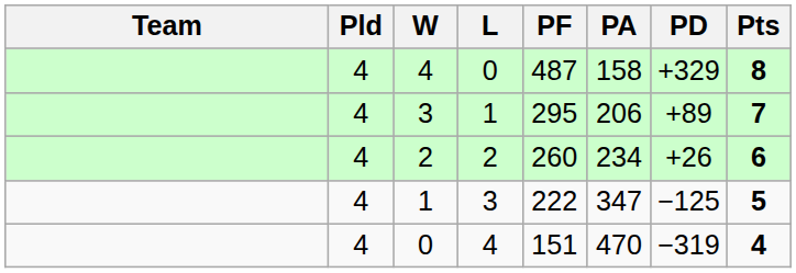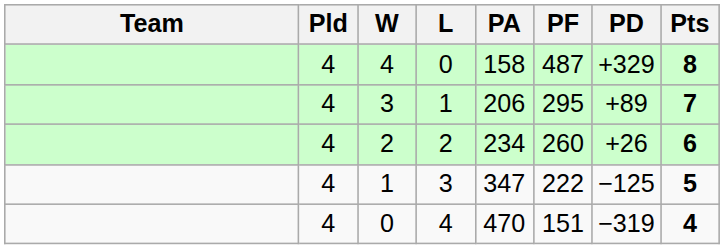 <table class=wikitable style="text-align:center">
 <tr>
 <th width=180>Team</th>
 <th width=30>Pld</th>
 <th width=30>W</th>
 <th width=30>L</th>
+<th width=30>PA</th>
 <th width=30>PF</th>
-<th width=30>PA</th>
 <th width=30>PD</th>
 <th width=30>Pts</th>
 </tr>
 <tr bgcolor="#ccffcc">
 <td align="left"></td>
 <td>4</td>
 <td>4</td>
 <td>0</td>
+<td>158</td>
 <td>487</td>
-<td>158</td>
 <td>+329</td>
 <td><strong>8</strong></td>
 </tr>
 <tr bgcolor="#ccffcc">
 <td align="left"></td>
 <td>4</td>
 <td>3</td>
 <td>1</td>
+<td>206</td>
 <td>295</td>
-<td>206</td>
 <td>+89</td>
 <td><strong>7</strong></td>
 </tr>
 <tr bgcolor="#ccffcc">
 <td align="left"></td>
 <td>4</td>
 <td>2</td>
 <td>2</td>
+<td>234</td>
 <td>260</td>
-<td>234</td>
 <td>+26</td>
 <td><strong>6</strong></td>
 </tr>
 <tr>
 <td align="left"></td>
 <td>4</td>
 <td>1</td>
 <td>3</td>
+<td>347</td>
 <td>222</td>
-<td>347</td>
 <td>−125</td>
 <td><strong>5</strong></td>
 </tr>
 <tr>
 <td align="left"></td>
 <td>4</td>
 <td>0</td>
 <td>4</td>
+<td>470</td>
 <td>151</td>
-<td>470</td>
 <td>−319</td>
 <td><strong>4</strong></td>
 </tr>
 </table>
